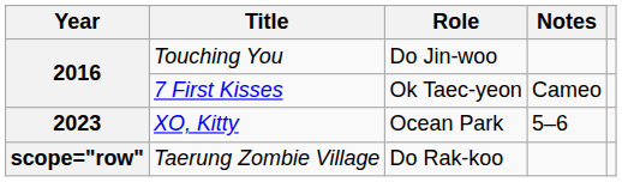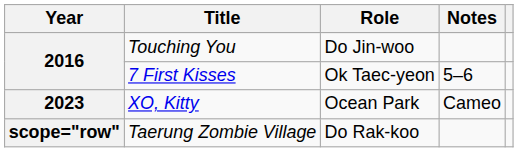 <table class="wikitable sortable plainrowheaders">
 <tr>
 <th scope="col">Year</th>
 <th scope="col">Title</th>
 <th scope="col">Role</th>
 <th scope="col">Notes</th>
 <th scope="col" class="unsortable"></th>
 </tr>
 <tr>
 <th scope="row" rowspan="2">2016</th>
 <td><em>Touching You</em></td>
 <td>Do Jin-woo</td>
 <td></td>
 <td style="text-align:center"></td>
 </tr>
 <tr>
 <td><em><a href='#'>7 First Kisses</a></em></td>
 <td>Ok Taec-yeon</td>
-<td>Cameo</td>
+<td> 5–6</td>
 <td style="text-align:center"></td>
 </tr>
 <tr>
 <th scope="row">2023</th>
 <td><em><a href='#'>XO, Kitty</a></em></td>
 <td>Ocean Park</td>
-<td> 5–6</td>
+<td>Cameo</td>
 <td style="text-align:center"></td>
 </tr>
 <tr>
 <th>scope="row" </th>
 <td><em>Taerung Zombie Village</em></td>
 <td>Do Rak-koo</td>
 <td></td>
 <td style="text-align:center"></td>
 </tr>
 </table>
